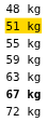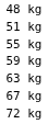 <table>
 <tr>
 <td rowspan=2>48 kg</td>
 <td rowspan=2></td>
 <td rowspan=2></td>
 <td></td>
 </tr>
 <tr>
 <td></td>
 </tr>
 <tr>
-<td style="background: gold;">51 kg</td>
+<td>51 kg</td>
 <td></td>
 <td></td>
 <td></td>
 </tr>
 <tr>
 <td rowspan=2>55 kg</td>
 <td rowspan=2></td>
 <td rowspan=2></td>
 <td></td>
 </tr>
 <tr>
 <td></td>
 </tr>
 <tr>
 <td rowspan=2>59 kg</td>
 <td rowspan=2></td>
 <td rowspan=2></td>
 <td></td>
 </tr>
 <tr>
 <td></td>
 </tr>
 <tr>
 <td rowspan=2>63 kg</td>
 <td rowspan=2></td>
 <td rowspan=2></td>
 <td></td>
 </tr>
 <tr>
 <td></td>
 </tr>
 <tr>
-<td><strong>67 kg</strong></td>
+<td>67 kg</td>
 <td></td>
 <td></td>
 <td></td>
 </tr>
 <tr>
 <td>72 kg</td>
 <td></td>
 <td></td>
 <td></td>
 </tr>
 <tr>
 </tr>
 </table>
